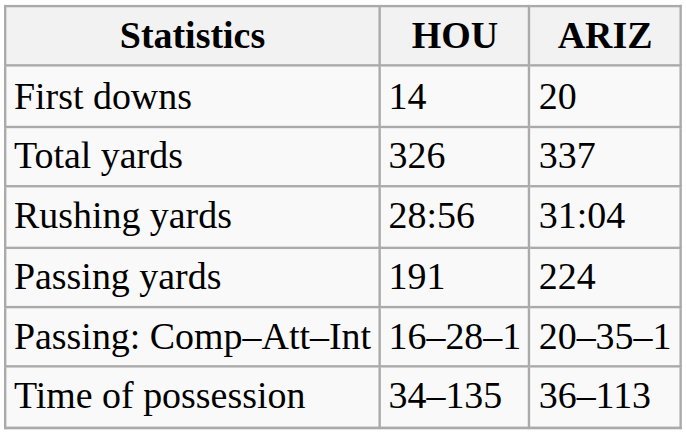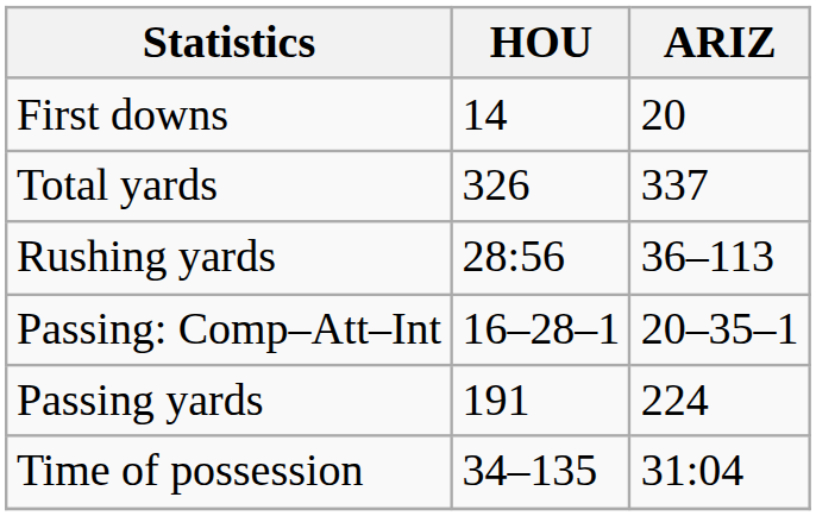 <table class="wikitable" style="float: left;">
 <tr>
 <th>Statistics</th>
 <th>HOU</th>
 <th>ARIZ</th>
 </tr>
 <tr>
 <td>First downs</td>
 <td>14</td>
 <td>20</td>
 </tr>
 <tr>
 <td>Total yards</td>
 <td>326</td>
 <td>337</td>
 </tr>
 <tr>
 <td>Rushing yards</td>
 <td>28:56</td>
-<td>31:04</td>
+<td>36–113</td>
+</tr>
+<tr>
+<td>Passing: Comp–Att–Int</td>
+<td>16–28–1</td>
+<td>20–35–1</td>
 </tr>
 <tr>
 <td>Passing yards</td>
 <td>191</td>
 <td>224</td>
 </tr>
 <tr>
-<td>Passing: Comp–Att–Int</td>
-<td>16–28–1</td>
-<td>20–35–1</td>
-</tr>
-<tr>
 <td>Time of possession</td>
 <td>34–135</td>
-<td>36–113</td>
+<td>31:04</td>
 </tr>
 <tr>
 </tr>
 </table>
